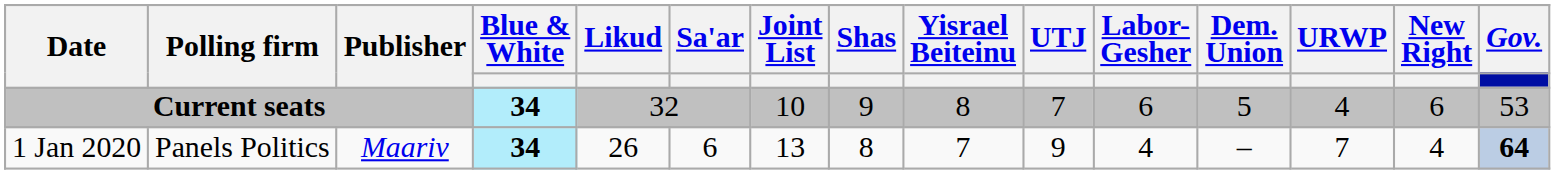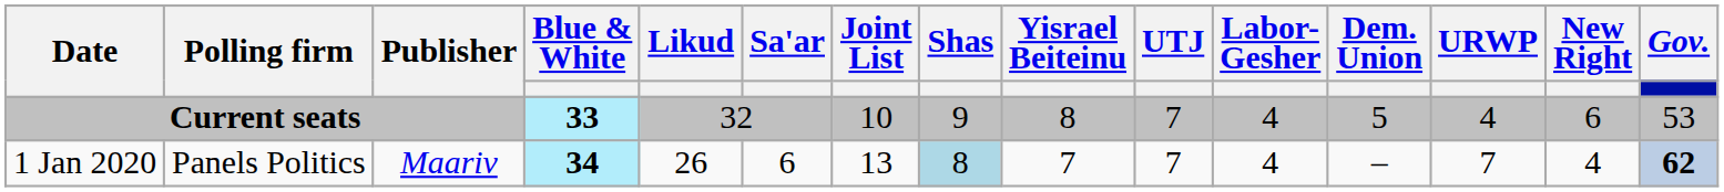 <table class="wikitable sortable" style="text-align:center;font-size:90%;line-height:13px">
 <tr>
 <th rowspan=2>Date</th>
 <th rowspan=2>Polling firm</th>
 <th rowspan=2>Publisher</th>
 <th><a href='#'>Blue &<br>White</a></th>
 <th><a href='#'>Likud</a></th>
 <th><a href='#'>Sa'ar</a></th>
 <th><a href='#'>Joint<br>List</a></th>
 <th><a href='#'>Shas</a></th>
 <th><a href='#'>Yisrael<br>Beiteinu</a></th>
 <th><a href='#'>UTJ</a></th>
 <th><a href='#'>Labor-<br>Gesher</a></th>
 <th><a href='#'>Dem.<br>Union</a></th>
 <th><a href='#'>URWP</a></th>
 <th><a href='#'>New<br>Right</a></th>
 <th><a href='#'><em>Gov.</em></a></th>
 </tr>
 <tr>
 <th style="background:"></th>
 <th style="background:"></th>
 <th style="background:"></th>
 <th style="background:"></th>
 <th style="background:"></th>
 <th style="background:"></th>
 <th style="background:"></th>
 <th style="background:"></th>
 <th style="background:"></th>
 <th style="background:"></th>
 <th style="background:"></th>
 <th style="background:#000EA3;"></th>
 </tr>
 <tr style="background:silver">
 <td colspan=3><strong>Current seats</strong></td>
-<td style="background:#B2EDFB"><strong>34</strong>	</td>
+<td style="background:#B2EDFB"><strong>33</strong>	</td>
 <td colspan=2>32				</td>
 <td>10					</td>
 <td>9					</td>
 <td>8					</td>
 <td>7					</td>
-<td>6					</td>
+<td>4					</td>
 <td>5					</td>
 <td>4					</td>
 <td>6					</td>
 <td>53					</td>
 </tr>
 <tr>
 <td data-sort-value="2020-01-01">1 Jan 2020</td>
 <td>Panels Politics</td>
 <td><em><a href='#'>Maariv</a></em></td>
 <td style="background:#B2EDFB"><strong>34</strong>	</td>
 <td>26					</td>
 <td>6					</td>
 <td>13					</td>
-<td>8					</td>
+<td style="background: lightblue;">8					</td>
 <td>7					</td>
-<td>9					</td>
+<td>7					</td>
 <td>4					</td>
 <td>–					</td>
 <td>7					</td>
 <td>4					</td>
-<td style="background:#BBCDE4"><strong>64</strong>	</td>
+<td style="background:#BBCDE4"><strong>62</strong>	</td>
 </tr>
 </table>
